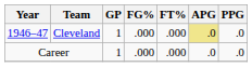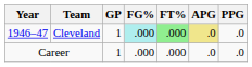 <table class="wikitable sortable" style="font-size:95%; text-align:right;">
 <tr>
 <th>Year</th>
 <th>Team</th>
 <th>GP</th>
 <th>FG%</th>
 <th>FT%</th>
 <th>APG</th>
 <th>PPG</th>
 </tr>
 <tr>
 <td style="text-align:left;"><a href='#'>1946–47</a></td>
 <td style="text-align:left;"><a href='#'>Cleveland</a></td>
 <td>1</td>
-<td>.000</td>
-<td>.000</td>
+<td style="background: paleturquoise;">.000</td>
+<td style="background: lightgreen;">.000</td>
 <td style="background: khaki;">.0</td>
 <td>.0</td>
 </tr>
 <tr>
 <td style="text-align:center;" colspan="2">Career</td>
 <td>1</td>
 <td>.000</td>
 <td>.000</td>
 <td>.0</td>
 <td>.0</td>
 </tr>
 <tr>
 </tr>
 </table>
